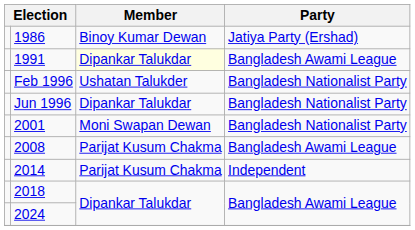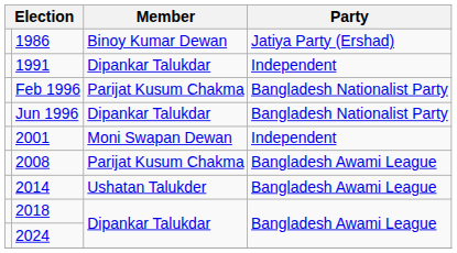 <table class="wikitable">
 <tr>
 <th colspan="2">Election</th>
 <th>Member</th>
 <th>Party</th>
 </tr>
 <tr>
 <td style="background-color:"></td>
 <td><a href='#'>1986</a></td>
 <td><a href='#'>Binoy Kumar Dewan</a></td>
 <td><a href='#'>Jatiya Party (Ershad)</a></td>
 </tr>
 <tr>
 <td style="background-color:"></td>
 <td><a href='#'>1991</a></td>
-<td style="background: lightyellow;"><a href='#'>Dipankar Talukdar</a></td>
-<td><a href='#'>Bangladesh Awami League</a></td>
+<td><a href='#'>Dipankar Talukdar</a></td>
+<td><a href='#'>Independent</a></td>
 </tr>
 <tr>
 <td style="background-color:"></td>
 <td><a href='#'>Feb 1996</a></td>
-<td><a href='#'>Ushatan Talukder</a></td>
+<td><a href='#'>Parijat Kusum Chakma</a></td>
 <td><a href='#'>Bangladesh Nationalist Party</a></td>
 </tr>
 <tr>
 <td style="background-color:"></td>
 <td><a href='#'>Jun 1996</a></td>
 <td><a href='#'>Dipankar Talukdar</a></td>
 <td><a href='#'>Bangladesh Nationalist Party</a></td>
 </tr>
 <tr>
 <td style="background-color:"></td>
 <td><a href='#'>2001</a></td>
 <td><a href='#'>Moni Swapan Dewan</a></td>
-<td><a href='#'>Bangladesh Nationalist Party</a></td>
+<td><a href='#'>Independent</a></td>
 </tr>
 <tr>
 <td style="background-color:"></td>
 <td><a href='#'>2008</a></td>
 <td><a href='#'>Parijat Kusum Chakma</a></td>
 <td><a href='#'>Bangladesh Awami League</a></td>
 </tr>
 <tr>
 <td style="background-color:"></td>
 <td><a href='#'>2014</a></td>
-<td><a href='#'>Parijat Kusum Chakma</a></td>
-<td><a href='#'>Independent</a></td>
+<td><a href='#'>Ushatan Talukder</a></td>
+<td><a href='#'>Bangladesh Awami League</a></td>
 </tr>
 <tr>
 <td style="background-color:"></td>
 <td><a href='#'>2018</a></td>
 <td rowspan="2"><a href='#'>Dipankar Talukdar</a></td>
 <td rowspan="2"><a href='#'>Bangladesh Awami League</a></td>
 </tr>
 <tr>
 <td style="background-color:"></td>
 <td><a href='#'>2024</a></td>
 </tr>
 <tr>
 </tr>
 </table>
